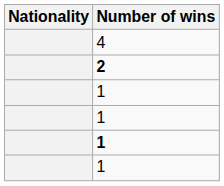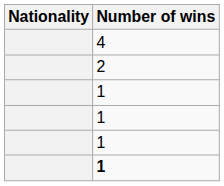 <table class="wikitable plainrowheaders">
 <tr>
 <th scope="col">Nationality</th>
 <th scope="col">Number of wins</th>
 </tr>
 <tr>
 <th scope="row"></th>
 <td>4</td>
 </tr>
 <tr>
 <th scope="row"></th>
-<td><strong>2</strong></td>
+<td>2</td>
+</tr>
+<tr>
+<th scope="row"></th>
+<td>1</td>
 </tr>
 <tr>
 <th scope="row"></th>
 <td>1</td>
 </tr>
 <tr>
 <th scope="row"></th>
 <td>1</td>
 </tr>
 <tr>
 <th scope="row"></th>
 <td><strong>1</strong></td>
 </tr>
-<tr>
-<th scope="row"></th>
-<td>1</td>
-</tr>
 </table>
